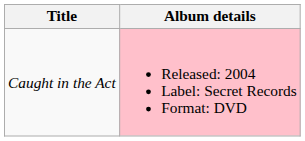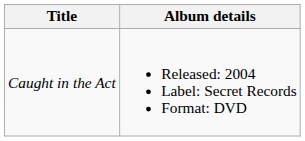 <table class="wikitable">
 <tr>
 <th>Title</th>
 <th>Album details</th>
 </tr>
 <tr>
 <td><em>Caught in the Act</em></td>
-<td style="background: pink;"><br><ul><li>Released: 2004</li><li>Label: Secret Records</li><li>Format: DVD</li></ul></td>
+<td><br><ul><li>Released: 2004</li><li>Label: Secret Records</li><li>Format: DVD</li></ul></td>
 </tr>
 </table>
